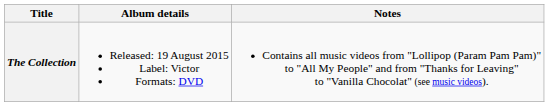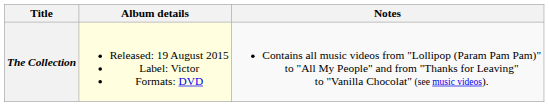 <table class="wikitable plainrowheaders" style="text-align:center;">
 <tr>
 <th scope="col">Title</th>
 <th scope="col">Album details</th>
 <th scope="col">Notes</th>
 </tr>
 <tr>
 <th scope="row"><em>The Collection</em></th>
-<td><br><ul><li>Released: 19 August 2015</li><li>Label: Victor</li><li>Formats: <a href='#'>DVD</a></li></ul></td>
+<td style="background: lightyellow;"><br><ul><li>Released: 19 August 2015</li><li>Label: Victor</li><li>Formats: <a href='#'>DVD</a></li></ul></td>
 <td><br><ul><li>Contains all music videos from "Lollipop (Param Pam Pam)"<br>to "All My People" and from "Thanks for Leaving"<br>to "Vanilla Chocolat" <small>(see <a href='#'>music videos</a></small>).</li></ul></td>
 </tr>
 </table>
